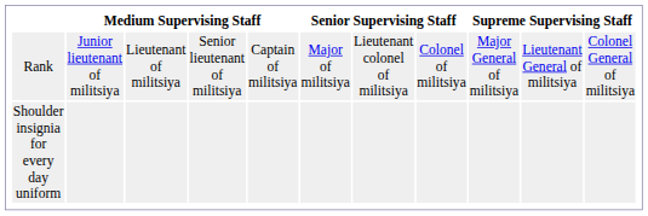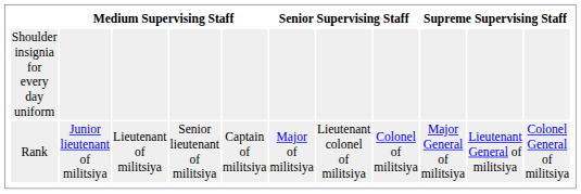 <table width="100%" style="border:1px solid #8888aa; background-color:white; padding:5px; font-size:95%; margin: 0px 12px 12px 0px; text-align:center;">
 <tr>
 <th></th>
 <th colspan="4">Medium Supervising Staff</th>
 <th colspan="3">Senior Supervising Staff</th>
 <th colspan="3">Supreme Supervising Staff</th>
+</tr>
+<tr style="background:#efefef;">
+<td>Shoulder insignia<br>for every day uniform</td>
+<td></td>
+<td></td>
+<td></td>
+<td></td>
+<td></td>
+<td></td>
+<td></td>
+<td></td>
+<td></td>
+<td></td>
 </tr>
 <tr style="background:#efefef;">
 <td>Rank</td>
 <td><a href='#'>Junior lieutenant</a> of militsiya</td>
 <td>Lieutenant<br>of militsiya</td>
 <td>Senior lieutenant<br>of militsiya</td>
 <td>Captain<br>of militsiya</td>
 <td><a href='#'>Major</a> of militsiya</td>
 <td>Lieutenant colonel<br>of militsiya</td>
 <td><a href='#'>Colonel</a> of militsiya</td>
 <td><a href='#'>Major General</a> of militsiya</td>
 <td><a href='#'>Lieutenant General</a> of militsiya</td>
 <td><a href='#'>Colonel General</a> of militsiya</td>
 </tr>
-<tr style="background:#efefef;">
-<td>Shoulder insignia<br>for every day uniform</td>
-<td></td>
-<td></td>
-<td></td>
-<td></td>
-<td></td>
-<td></td>
-<td></td>
-<td></td>
-<td></td>
-<td></td>
-</tr>
 </table>
